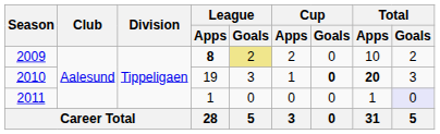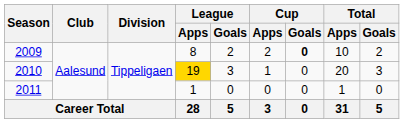 <table class="wikitable" style="text-align: center;">
 <tr>
 <th rowspan="2">Season</th>
 <th rowspan="2">Club</th>
 <th rowspan="2">Division</th>
 <th colspan="2">League</th>
 <th colspan="2">Cup</th>
 <th colspan="2">Total</th>
 </tr>
 <tr>
 <th>Apps</th>
 <th>Goals</th>
 <th>Apps</th>
 <th>Goals</th>
 <th>Apps</th>
 <th>Goals</th>
 </tr>
 <tr>
 <td><a href='#'>2009</a></td>
 <td rowspan="3" valign="center"><a href='#'>Aalesund</a></td>
 <td rowspan="3" valign="center"><a href='#'>Tippeligaen</a></td>
-<td><strong>8</strong></td>
-<td style="background: khaki;">2</td>
+<td>8</td>
 <td>2</td>
-<td>0</td>
+<td>2</td>
+<td><strong>0</strong></td>
 <td>10</td>
 <td>2</td>
 </tr>
 <tr>
 <td><a href='#'>2010</a></td>
-<td>19</td>
+<td style="background: gold;">19</td>
 <td>3</td>
 <td>1</td>
-<td><strong>0</strong></td>
-<td><strong>20</strong></td>
+<td>0</td>
+<td>20</td>
 <td>3</td>
 </tr>
 <tr>
 <td><a href='#'>2011</a></td>
 <td>1</td>
 <td>0</td>
 <td>0</td>
 <td>0</td>
 <td>1</td>
-<td style="background: lavender;">0</td>
+<td>0</td>
 </tr>
 <tr>
 <th colspan="3">Career Total</th>
 <th>28</th>
 <th>5</th>
 <th>3</th>
 <th>0</th>
 <th>31</th>
 <th>5</th>
 </tr>
 </table>
